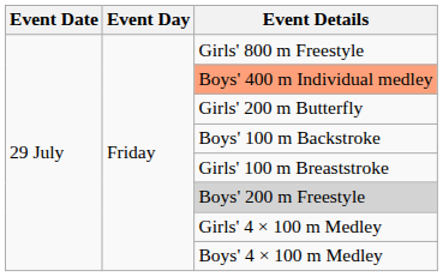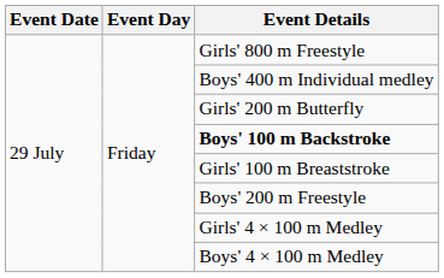 <table class="wikitable">
 <tr>
 <th>Event Date</th>
 <th>Event Day</th>
 <th>Event Details</th>
 </tr>
 <tr>
 <td rowspan=8>29 July</td>
 <td rowspan=8>Friday</td>
 <td>Girls' 800 m Freestyle</td>
 </tr>
 <tr>
-<td style="background: lightsalmon;">Boys' 400 m Individual medley</td>
+<td>Boys' 400 m Individual medley</td>
 </tr>
 <tr>
 <td>Girls' 200 m Butterfly</td>
 </tr>
 <tr>
-<td>Boys' 100 m Backstroke</td>
+<td><strong>Boys' 100 m Backstroke</strong></td>
 </tr>
 <tr>
 <td>Girls' 100 m Breaststroke</td>
 </tr>
 <tr>
-<td style="background: lightgrey;">Boys' 200 m Freestyle</td>
+<td>Boys' 200 m Freestyle</td>
 </tr>
 <tr>
 <td>Girls' 4 × 100 m Medley</td>
 </tr>
 <tr>
 <td>Boys' 4 × 100 m Medley</td>
 </tr>
 </table>
